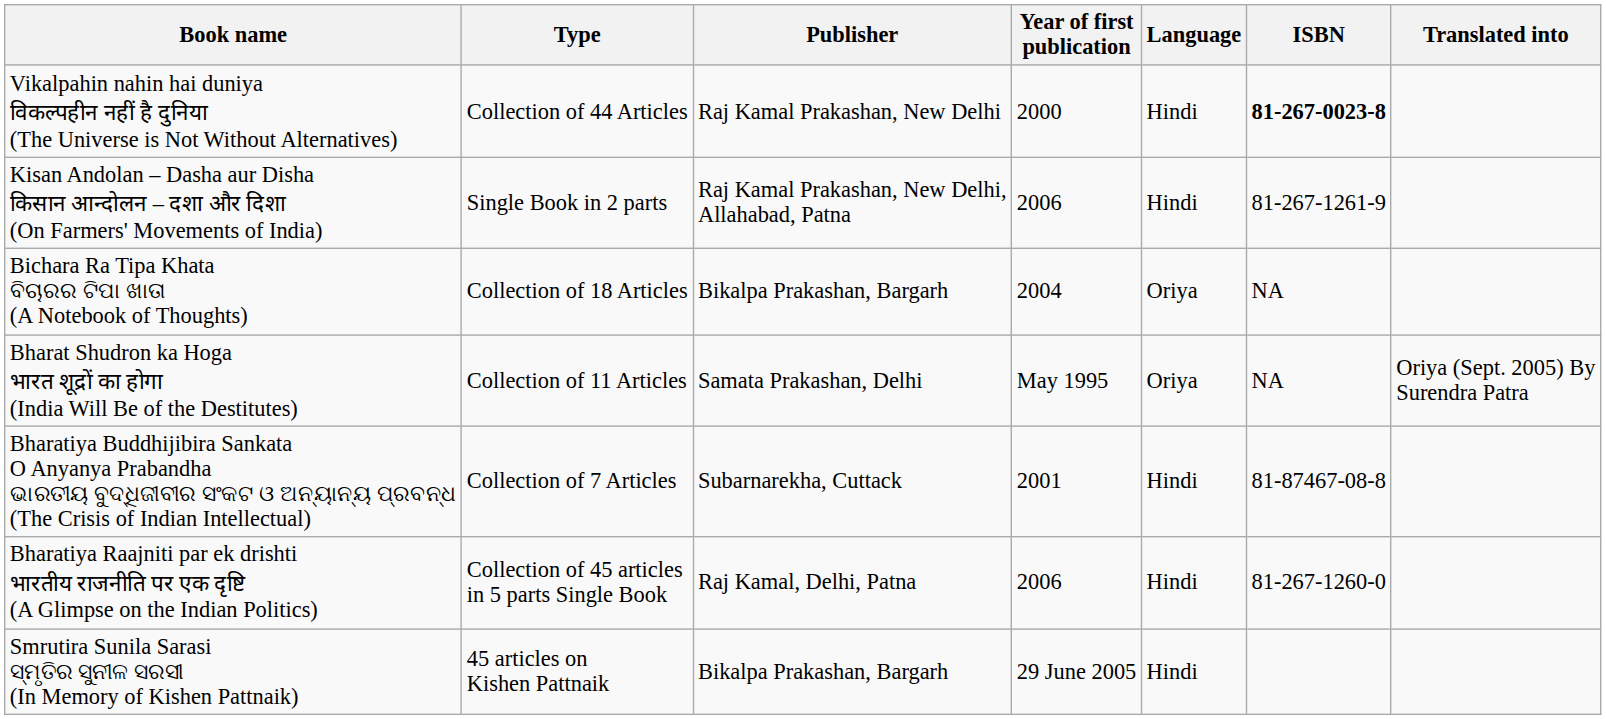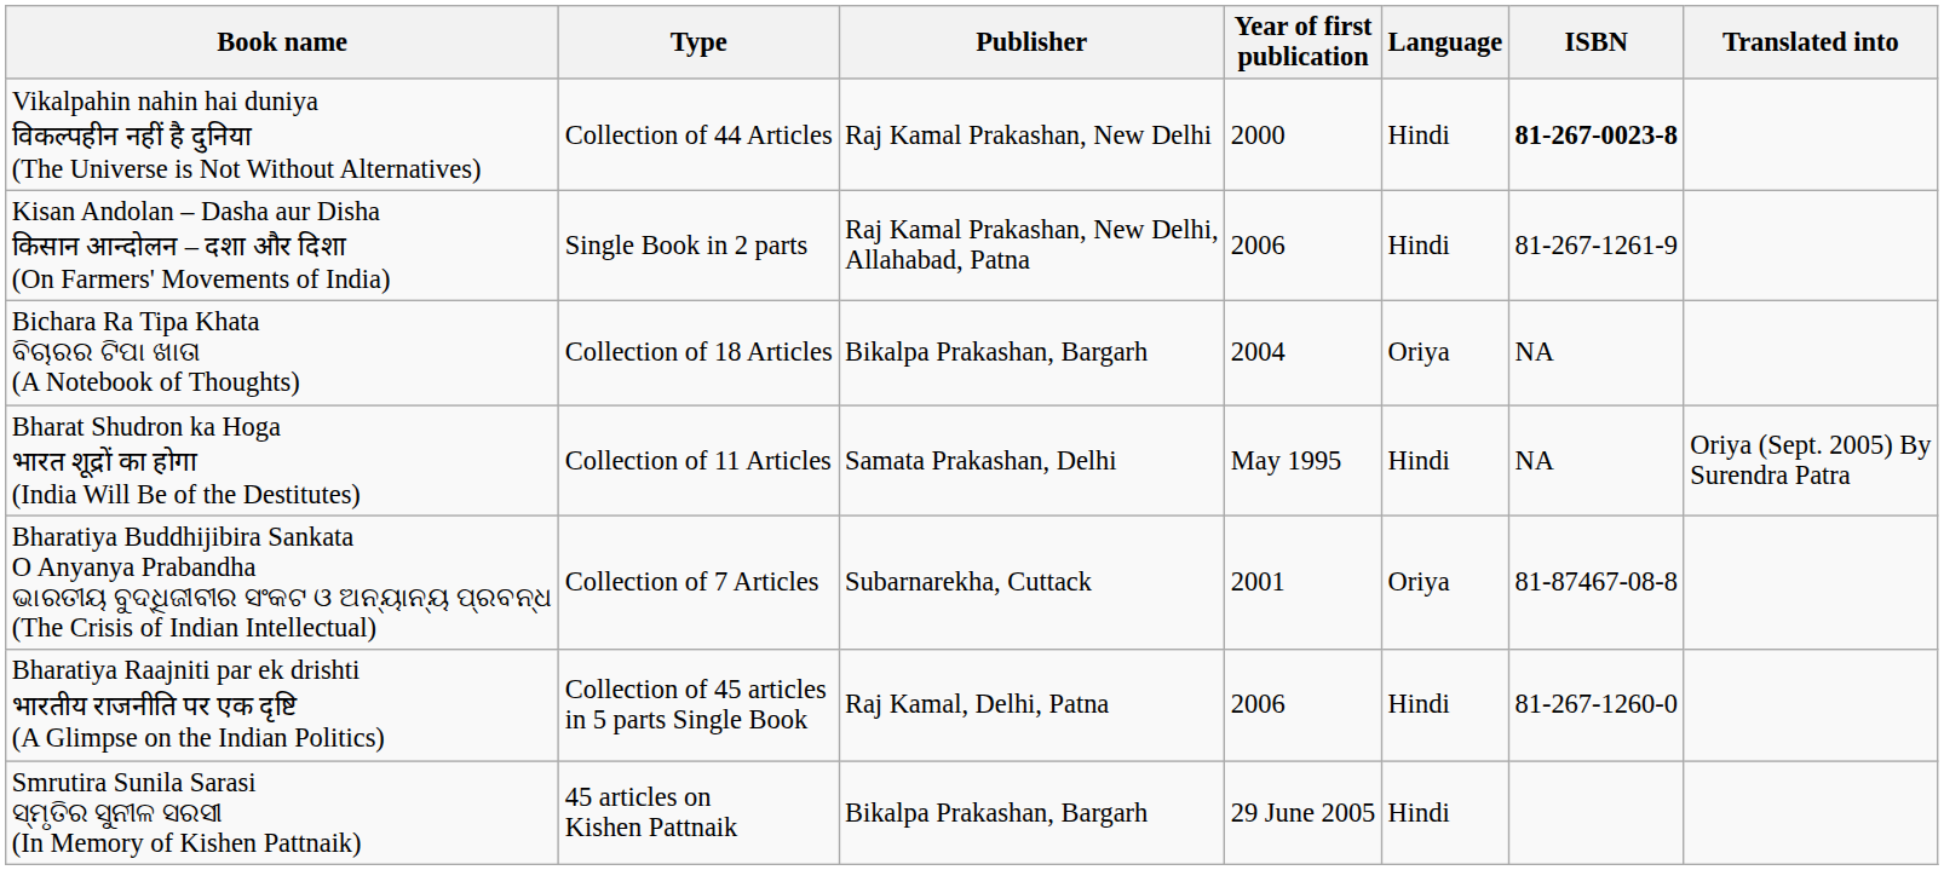 <table class="wikitable">
 <tr>
 <th><strong>Book name</strong></th>
 <th><strong>Type</strong></th>
 <th><strong>Publisher</strong></th>
 <th><strong>Year of first <br> publication</strong></th>
 <th><strong>Language</strong></th>
 <th><strong>ISBN</strong></th>
 <th><strong>Translated into</strong></th>
 </tr>
 <tr>
 <td>Vikalpahin nahin hai duniya <br> विकल्पहीन नहीं है दुनिया <br> (The Universe is Not Without Alternatives)</td>
 <td>Collection of 44 Articles</td>
 <td>Raj Kamal Prakashan, New Delhi</td>
 <td>2000</td>
 <td>Hindi</td>
 <td><strong>81-267-0023-8</strong></td>
 <td></td>
 </tr>
 <tr>
 <td>Kisan Andolan – Dasha aur Disha <br> किसान आन्दोलन – दशा और दिशा <br>(On Farmers' Movements of India)</td>
 <td>Single Book in 2 parts</td>
 <td>Raj Kamal Prakashan, New Delhi,<br> Allahabad, Patna</td>
 <td>2006</td>
 <td>Hindi</td>
 <td>81-267-1261-9</td>
 <td></td>
 </tr>
 <tr>
 <td>Bichara Ra Tipa Khata <br> ବିଚାରର ଟିପା ଖାତା <br>(A Notebook of Thoughts)</td>
 <td>Collection of 18 Articles</td>
 <td>Bikalpa Prakashan, Bargarh</td>
 <td>2004</td>
 <td>Oriya</td>
 <td>NA</td>
 <td></td>
 </tr>
 <tr>
 <td>Bharat Shudron ka Hoga <br> भारत शूद्रों का होगा <br>(India Will Be of the Destitutes)</td>
 <td>Collection of 11 Articles</td>
 <td>Samata Prakashan, Delhi</td>
 <td>May 1995</td>
-<td>Oriya</td>
+<td>Hindi</td>
 <td>NA</td>
 <td>Oriya (Sept. 2005) By <br>Surendra Patra</td>
 </tr>
 <tr>
 <td>Bharatiya Buddhijibira Sankata <br>O Anyanya Prabandha <br> ଭାରତୀୟ ବୁଦ୍ଧିଜୀବୀର ସଂକଟ ଓ ଅନ୍ୟାନ୍ୟ ପ୍ରବନ୍ଧ <br> (The Crisis of Indian Intellectual)</td>
 <td>Collection of 7 Articles</td>
 <td>Subarnarekha, Cuttack</td>
 <td>2001</td>
-<td>Hindi</td>
+<td>Oriya</td>
 <td>81-87467-08-8</td>
 <td></td>
 </tr>
 <tr>
 <td>Bharatiya Raajniti par ek drishti <br> भारतीय राजनीति पर एक दृष्टि <br> (A Glimpse on the Indian Politics)</td>
 <td>Collection of 45 articles <br> in 5 parts Single Book</td>
 <td>Raj Kamal, Delhi, Patna</td>
 <td>2006</td>
 <td>Hindi</td>
 <td>81-267-1260-0</td>
 <td></td>
 </tr>
 <tr>
 <td>Smrutira Sunila Sarasi <br> ସ୍ମୃତିର ସୁନୀଳ ସରସୀ <br> (In Memory of Kishen Pattnaik)</td>
 <td>45 articles on <br> Kishen Pattnaik</td>
 <td>Bikalpa Prakashan, Bargarh</td>
 <td>29 June 2005</td>
 <td>Hindi</td>
 <td></td>
 <td></td>
 </tr>
 <tr>
 </tr>
 </table>
